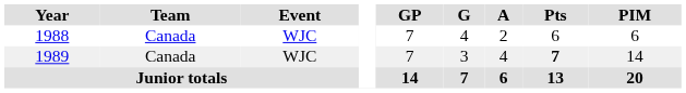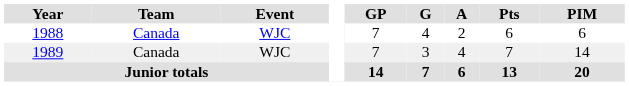 <table border="0" cellpadding="1" cellspacing="0" style="text-align:center; width:40em">
 <tr ALIGN="center" bgcolor="#e0e0e0">
 <th>Year</th>
 <th>Team</th>
 <th>Event</th>
 <th rowspan="99" bgcolor="#ffffff"> </th>
 <th>GP</th>
 <th>G</th>
 <th>A</th>
 <th>Pts</th>
 <th>PIM</th>
 </tr>
 <tr>
 <td><a href='#'>1988</a></td>
 <td><a href='#'>Canada</a></td>
 <td><a href='#'>WJC</a></td>
 <td>7</td>
 <td>4</td>
 <td>2</td>
 <td>6</td>
 <td>6</td>
 </tr>
 <tr style="background:#f0f0f0;">
 <td><a href='#'>1989</a></td>
 <td>Canada</td>
 <td>WJC</td>
 <td>7</td>
 <td>3</td>
 <td>4</td>
-<td><strong>7</strong></td>
+<td>7</td>
 <td>14</td>
 </tr>
 <tr style="background:#e0e0e0;">
 <th colspan="3">Junior totals</th>
 <th>14</th>
 <th>7</th>
 <th>6</th>
 <th>13</th>
 <th>20</th>
 </tr>
 </table>
